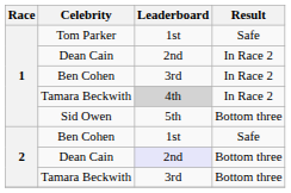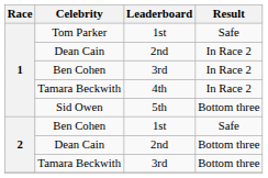 <table class="wikitable plainrowheaders" style="text-align:center;">
 <tr>
 <th>Race</th>
 <th>Celebrity</th>
 <th>Leaderboard</th>
 <th>Result</th>
 </tr>
 <tr>
 <th rowspan=5>1</th>
 <td>Tom Parker</td>
 <td>1st</td>
 <td>Safe</td>
 </tr>
 <tr>
 <td>Dean Cain</td>
 <td>2nd</td>
 <td>In Race 2</td>
 </tr>
 <tr>
 <td>Ben Cohen</td>
 <td>3rd</td>
 <td>In Race 2</td>
 </tr>
 <tr>
 <td>Tamara Beckwith</td>
-<td style="background: lightgrey;">4th</td>
+<td>4th</td>
 <td>In Race 2</td>
 </tr>
 <tr>
 <td>Sid Owen</td>
 <td>5th</td>
 <td>Bottom three</td>
 </tr>
 <tr>
 <th rowspan=3>2</th>
 <td>Ben Cohen</td>
 <td>1st</td>
 <td>Safe</td>
 </tr>
 <tr>
 <td>Dean Cain</td>
-<td style="background: lavender;">2nd</td>
+<td>2nd</td>
 <td>Bottom three</td>
 </tr>
 <tr>
 <td>Tamara Beckwith</td>
 <td>3rd</td>
 <td>Bottom three</td>
 </tr>
 <tr>
 </tr>
 </table>
